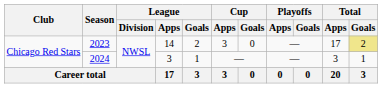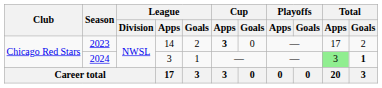 <table class="wikitable" style="text-align: center;">
 <tr>
 <th rowspan="2">Club</th>
 <th rowspan="2">Season</th>
 <th colspan="3">League</th>
 <th colspan="2">Cup</th>
 <th colspan="2">Playoffs</th>
 <th colspan="2">Total</th>
 </tr>
 <tr>
 <th>Division</th>
 <th>Apps</th>
 <th>Goals</th>
 <th>Apps</th>
 <th>Goals</th>
 <th>Apps</th>
 <th>Goals</th>
 <th>Apps</th>
 <th>Goals</th>
 </tr>
 <tr>
 <td rowspan="2"><a href='#'>Chicago Red Stars</a></td>
 <td><a href='#'>2023</a></td>
 <td rowspan="2"><a href='#'>NWSL</a></td>
 <td>14</td>
 <td>2</td>
-<td>3</td>
+<td><strong>3</strong></td>
 <td>0</td>
 <td colspan="2">—</td>
 <td>17</td>
-<td style="background: khaki;">2</td>
+<td>2</td>
 </tr>
 <tr>
 <td><a href='#'>2024</a></td>
 <td>3</td>
 <td>1</td>
 <td colspan="2">—</td>
 <td colspan="2">—</td>
-<td>3</td>
-<td>1</td>
+<td style="background: lightgreen;">3</td>
+<td><strong>1</strong></td>
 </tr>
 <tr>
 <th colspan="3">Career total</th>
 <th>17</th>
 <th>3</th>
 <th>3</th>
 <th>0</th>
 <th>0</th>
 <th>0</th>
 <th>20</th>
 <th>3</th>
 </tr>
 </table>
